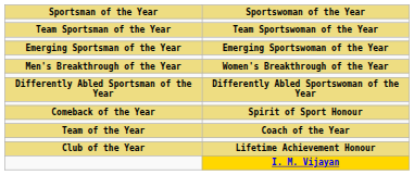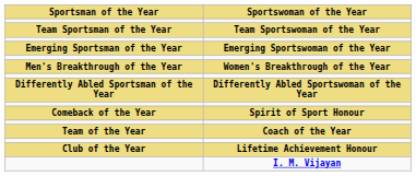 <table class="wikitable" style="text-align:center;">
 <tr>
 <th style="background:#EEDD82;">Sportsman of the Year</th>
 <th style="background:#EEDD82;">Sportswoman of the Year</th>
 </tr>
 <tr>
 <td></td>
 <td></td>
 </tr>
 <tr>
 <th style="background:#EEDD82;">Team Sportsman of the Year</th>
 <th style="background:#EEDD82;">Team Sportswoman of the Year</th>
 </tr>
 <tr>
 <td></td>
 <td></td>
 </tr>
 <tr>
 <th style="background:#EEDD82;">Emerging Sportsman of the Year</th>
 <th style="background:#EEDD82;">Emerging Sportswoman of the Year</th>
 </tr>
 <tr>
 <td></td>
 <td></td>
 </tr>
 <tr>
 <th style="background:#EEDD82;">Men's Breakthrough of the Year</th>
 <th style="background:#EEDD82;">Women's Breakthrough of the Year</th>
 </tr>
 <tr>
 <td></td>
 <td></td>
 </tr>
 <tr>
 <th style="background:#EEDD82;">Differently Abled Sportsman of the Year</th>
 <th style="background:#EEDD82;">Differently Abled Sportswoman of the Year</th>
 </tr>
 <tr>
 <td></td>
 <td></td>
 </tr>
 <tr>
 <th style="background:#EEDD82;">Comeback of the Year</th>
 <th style="background:#EEDD82;">Spirit of Sport Honour</th>
 </tr>
 <tr>
 <td></td>
 <td></td>
 </tr>
 <tr>
 <th style="background:#EEDD82;">Team of the Year</th>
 <th style="background:#EEDD82;">Coach of the Year</th>
 </tr>
 <tr>
 <td></td>
 <td></td>
 </tr>
 <tr>
 <th style="background:#EEDD82;">Club of the Year</th>
 <th style="background:#EEDD82;">Lifetime Achievement Honour</th>
 </tr>
 <tr>
 <td></td>
-<td style="background: gold;"><strong><a href='#'>I. M. Vijayan</a></strong></td>
+<td><strong><a href='#'>I. M. Vijayan</a></strong></td>
 </tr>
 </table>
